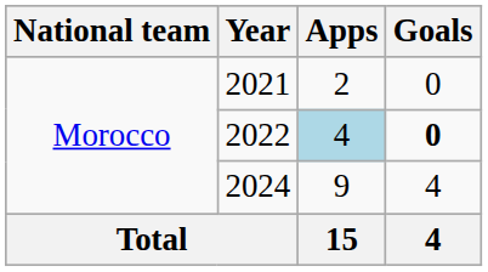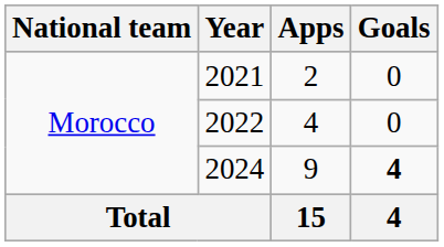 <table class="wikitable" style="text-align:center">
 <tr>
 <th>National team</th>
 <th>Year</th>
 <th>Apps</th>
 <th>Goals</th>
 </tr>
 <tr>
 <td rowspan="3"><a href='#'>Morocco</a></td>
 <td>2021</td>
 <td>2</td>
 <td>0</td>
 </tr>
 <tr>
 <td>2022</td>
-<td style="background: lightblue;">4</td>
-<td><strong>0</strong></td>
+<td>4</td>
+<td>0</td>
 </tr>
 <tr>
 <td>2024</td>
 <td>9</td>
-<td>4</td>
+<td><strong>4</strong></td>
 </tr>
 <tr>
 <th colspan="2">Total</th>
 <th>15</th>
 <th>4</th>
 </tr>
 </table>
